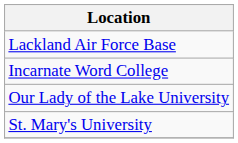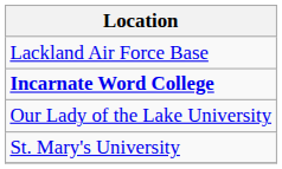 <table class="wikitable">
 <tr>
 <th>Location</th>
 </tr>
 <tr>
 <td><a href='#'>Lackland Air Force Base</a></td>
 </tr>
 <tr>
-<td><a href='#'>Incarnate Word College</a></td>
+<td><strong><a href='#'>Incarnate Word College</a></strong></td>
 </tr>
 <tr>
 <td><a href='#'>Our Lady of the Lake University</a></td>
 </tr>
 <tr>
 <td><a href='#'>St. Mary's University</a></td>
 </tr>
 <tr>
 </tr>
 </table>
